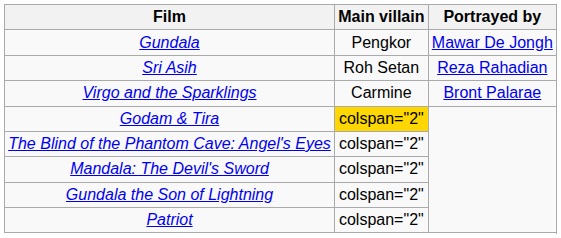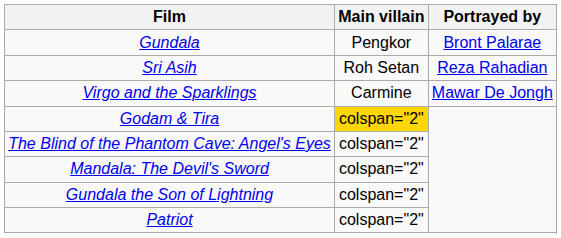 <table class="wikitable" style="text-align: center">
 <tr>
 <th scope="col">Film</th>
 <th>Main villain</th>
 <th>Portrayed by</th>
 </tr>
 <tr>
 <td scope="row"><em><a href='#'>Gundala</a></em></td>
 <td>Pengkor</td>
-<td><a href='#'>Mawar De Jongh</a></td>
+<td><a href='#'>Bront Palarae</a></td>
 </tr>
 <tr>
 <td scope="row"><em><a href='#'>Sri Asih</a></em></td>
 <td>Roh Setan</td>
 <td><a href='#'>Reza Rahadian</a></td>
 </tr>
 <tr>
 <td scope="row"><em><a href='#'>Virgo and the Sparklings</a></em></td>
 <td>Carmine</td>
-<td><a href='#'>Bront Palarae</a></td>
+<td><a href='#'>Mawar De Jongh</a></td>
 </tr>
 <tr>
 <td><em><a href='#'>Godam & Tira</a></em></td>
 <td style="background: gold;">colspan="2" </td>
 </tr>
 <tr>
 <td scope="row"><em><a href='#'>The Blind of the Phantom Cave: Angel's Eyes</a></em></td>
 <td>colspan="2" </td>
 </tr>
 <tr>
 <td><em><a href='#'>Mandala: The Devil's Sword</a></em></td>
 <td>colspan="2" </td>
 </tr>
 <tr>
 <td><em><a href='#'>Gundala the Son of Lightning</a></em></td>
 <td>colspan="2" </td>
 </tr>
 <tr>
 <td scope="row"><em><a href='#'>Patriot</a></em></td>
 <td>colspan="2" </td>
 </tr>
 <tr>
 </tr>
 </table>
